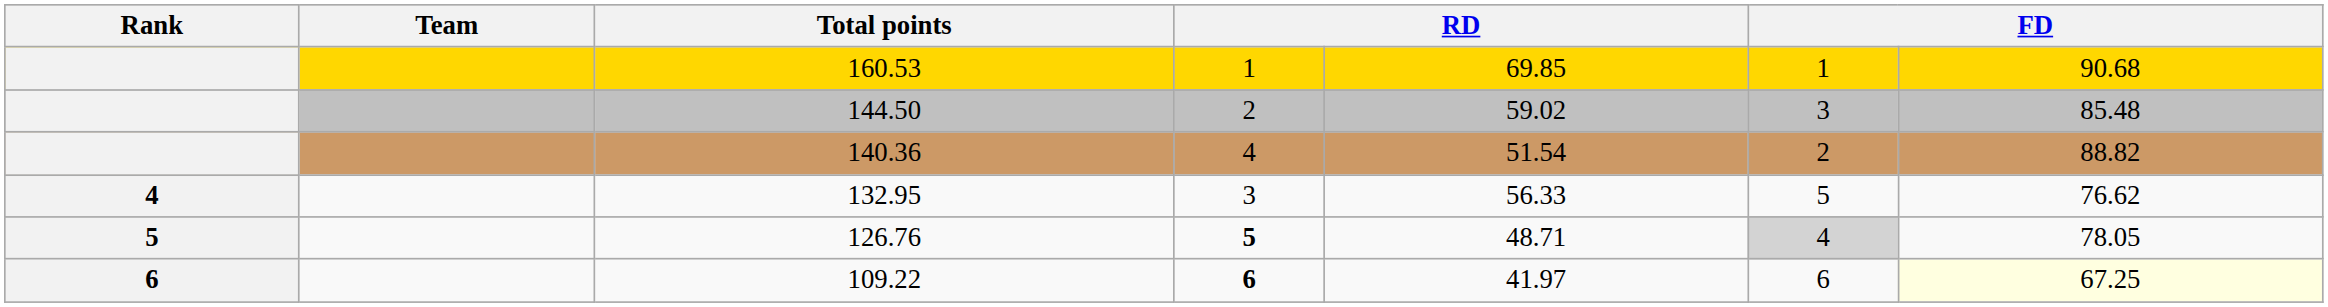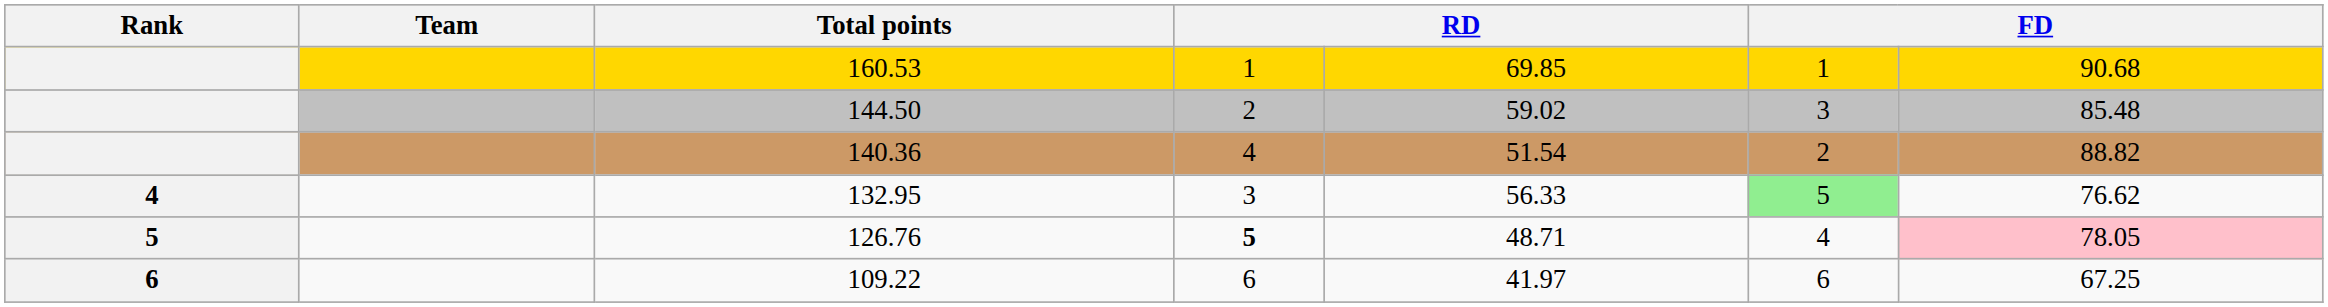 <table class="wikitable sortable" style="text-align:center;" width="70%">
 <tr>
 <th scope="col">Rank</th>
 <th scope="col">Team</th>
 <th scope="col">Total points</th>
 <th scope="col" colspan="2" width="80px"><a href='#'>RD</a></th>
 <th scope="col" colspan="2" width="80px"><a href='#'>FD</a></th>
 </tr>
 <tr bgcolor="gold">
 <th scope="row"></th>
 <td align="left"></td>
 <td>160.53</td>
 <td>1</td>
 <td>69.85</td>
 <td>1</td>
 <td>90.68</td>
 </tr>
 <tr bgcolor="silver">
 <th scope="row"></th>
 <td align="left"></td>
 <td>144.50</td>
 <td>2</td>
 <td>59.02</td>
 <td>3</td>
 <td>85.48</td>
 </tr>
 <tr bgcolor="cc9966">
 <th scope="row"></th>
 <td align="left"></td>
 <td>140.36</td>
 <td>4</td>
 <td>51.54</td>
 <td>2</td>
 <td>88.82</td>
 </tr>
 <tr>
 <th scope="row">4</th>
 <td align="left"></td>
 <td>132.95</td>
 <td>3</td>
 <td>56.33</td>
-<td>5</td>
+<td style="background: lightgreen;">5</td>
 <td>76.62</td>
 </tr>
 <tr>
 <th scope="row">5</th>
 <td align="left"></td>
 <td>126.76</td>
 <td><strong>5</strong></td>
 <td>48.71</td>
-<td style="background: lightgrey;">4</td>
-<td>78.05</td>
+<td>4</td>
+<td style="background: pink;">78.05</td>
 </tr>
 <tr>
 <th scope="row">6</th>
 <td align="left"></td>
 <td>109.22</td>
-<td><strong>6</strong></td>
+<td>6</td>
 <td>41.97</td>
 <td>6</td>
-<td style="background: lightyellow;">67.25</td>
+<td>67.25</td>
 </tr>
 </table>
